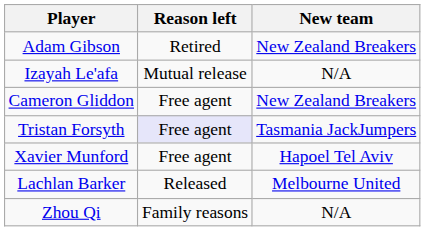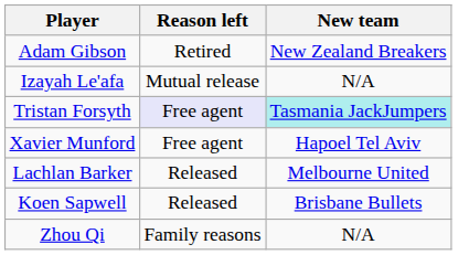 <table class="wikitable sortable sortable" style="text-align: center">
 <tr>
 <th>Player</th>
 <th>Reason left</th>
 <th>New team</th>
 </tr>
 <tr>
 <td><a href='#'>Adam Gibson</a></td>
 <td>Retired</td>
 <td><a href='#'>New Zealand Breakers</a></td>
 </tr>
 <tr>
 <td><a href='#'>Izayah Le'afa</a></td>
 <td>Mutual release</td>
 <td>N/A</td>
 </tr>
 <tr>
-<td><a href='#'>Cameron Gliddon</a></td>
-<td>Free agent</td>
-<td><a href='#'>New Zealand Breakers</a></td>
-</tr>
-<tr>
 <td><a href='#'>Tristan Forsyth</a></td>
 <td style="background: lavender;">Free agent</td>
-<td><a href='#'>Tasmania JackJumpers</a></td>
+<td style="background: paleturquoise;"><a href='#'>Tasmania JackJumpers</a></td>
 </tr>
 <tr>
 <td><a href='#'>Xavier Munford</a></td>
 <td>Free agent</td>
 <td><a href='#'>Hapoel Tel Aviv</a></td>
 </tr>
 <tr>
 <td><a href='#'>Lachlan Barker</a></td>
 <td>Released</td>
 <td><a href='#'>Melbourne United</a></td>
 </tr>
 <tr>
+<td><a href='#'>Koen Sapwell</a></td>
+<td>Released</td>
+<td><a href='#'>Brisbane Bullets</a></td>
+</tr>
+<tr>
 <td><a href='#'>Zhou Qi</a></td>
 <td>Family reasons</td>
 <td>N/A</td>
 </tr>
 </table>
